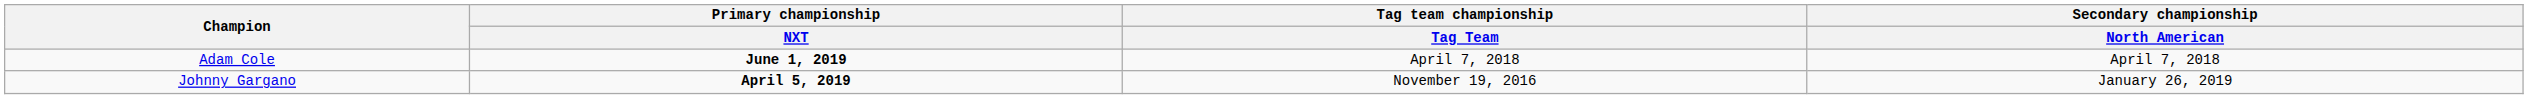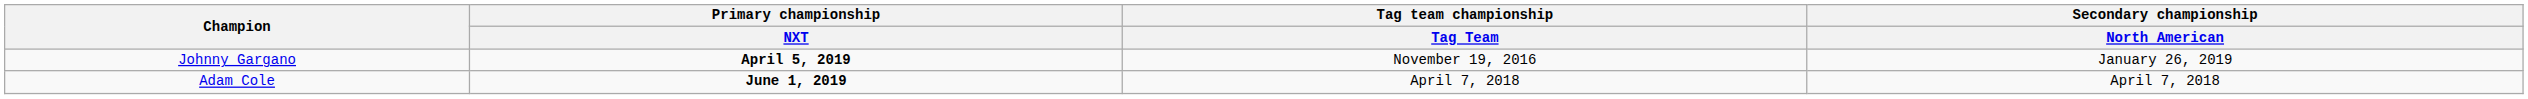 <table class="wikitable" style="font-size:85%; text-align:center; width:100%;">
 <tr>
 <th rowspan=2>Champion</th>
 <th>Primary championship</th>
 <th>Tag team championship</th>
 <th>Secondary championship</th>
 </tr>
 <tr>
 <th><a href='#'>NXT</a></th>
 <th><a href='#'>Tag Team</a></th>
 <th><a href='#'>North American</a></th>
 </tr>
 <tr>
+<td><a href='#'>Johnny Gargano</a></td>
+<td><strong>April 5, 2019</strong></td>
+<td>November 19, 2016<br></td>
+<td>January 26, 2019</td>
+</tr>
+<tr>
 <td><a href='#'>Adam Cole</a></td>
 <td><strong>June 1, 2019</strong></td>
 <td>April 7, 2018<br></td>
 <td>April 7, 2018</td>
 </tr>
-<tr>
-<td><a href='#'>Johnny Gargano</a></td>
-<td><strong>April 5, 2019</strong></td>
-<td>November 19, 2016<br></td>
-<td>January 26, 2019</td>
-</tr>
 </table>
